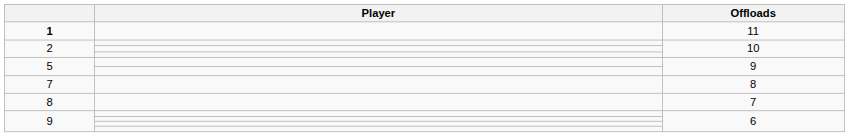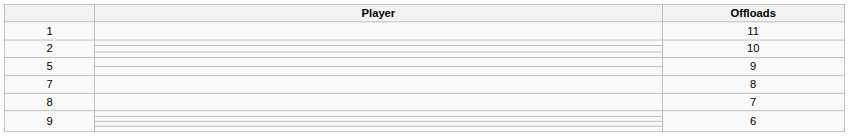 <table class="wikitable sortable plainrowheaders" style="width:95%;">
 <tr>
 <th style="width:2em;"></th>
 <th style="width:15em;">Player</th>
 <th style="width:4.5em;">Offloads</th>
 </tr>
 <tr>
-<td align=center><strong>1</strong></td>
+<td align=center>1</td>
 <td align=left> </td>
 <td align=center>11</td>
 </tr>
 <tr>
 <td align=center rowspan="3">2</td>
 <td align=left> </td>
 <td align=center rowspan="3">10</td>
 </tr>
 <tr>
 <td align=left> </td>
 </tr>
 <tr>
 <td align=left> </td>
 </tr>
 <tr>
 <td align=center rowspan="2">5</td>
 <td align=left> </td>
 <td align=center rowspan="2">9</td>
 </tr>
 <tr>
 <td align=left> </td>
 </tr>
 <tr>
 <td align=center>7</td>
 <td align=left> </td>
 <td align=center>8</td>
 </tr>
 <tr>
 <td align=center>8</td>
 <td align=left> </td>
 <td align=center>7</td>
 </tr>
 <tr>
 <td align=center rowspan="4">9</td>
 <td align=left> </td>
 <td align=center rowspan="4">6</td>
 </tr>
 <tr>
 <td align=left> </td>
 </tr>
 <tr>
 <td align=left> </td>
 </tr>
 <tr>
 <td align=left> </td>
 </tr>
 </table>
